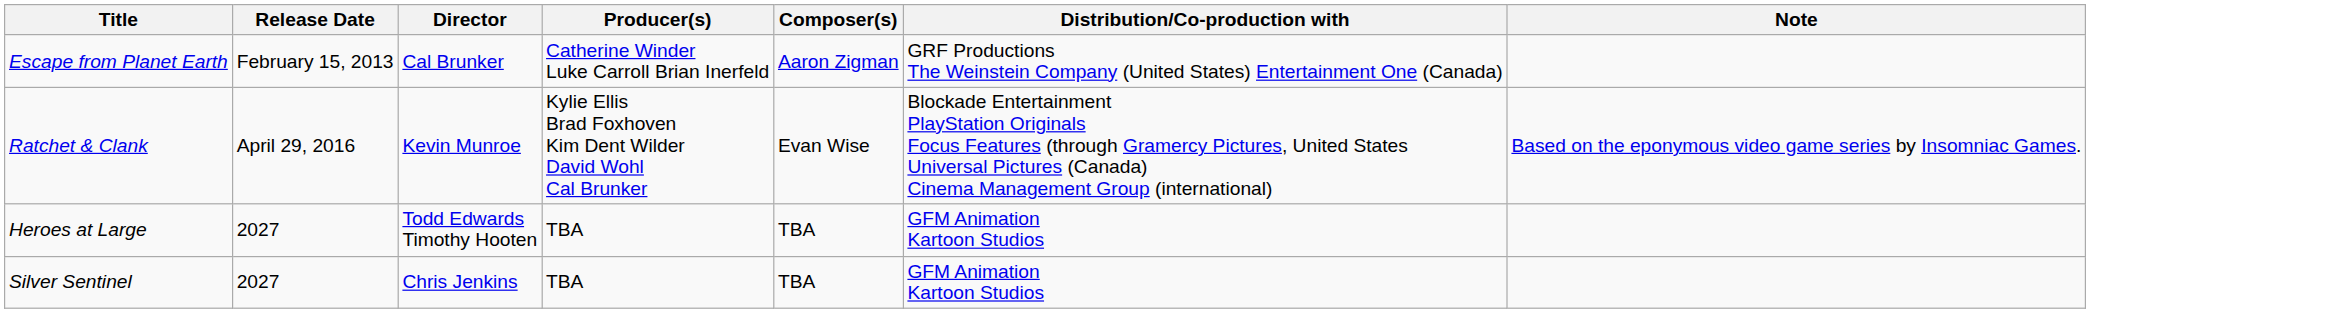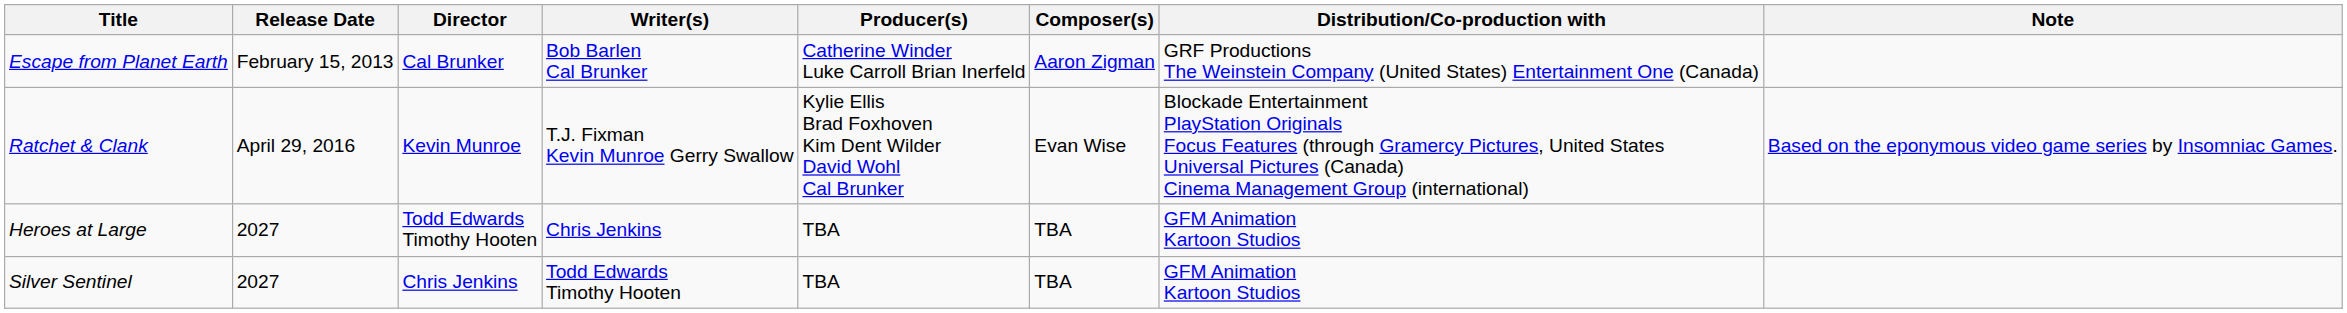 <table class="wikitable sortable">
 <tr>
 <th>Title</th>
 <th>Release Date</th>
 <th>Director</th>
+<th>Writer(s)</th>
 <th>Producer(s)</th>
 <th>Composer(s)</th>
 <th>Distribution/Co-production with</th>
 <th>Note</th>
 </tr>
 <tr>
 <td><em><a href='#'>Escape from Planet Earth</a></em></td>
 <td>February 15, 2013</td>
 <td><a href='#'>Cal Brunker</a></td>
+<td><a href='#'>Bob Barlen</a><br><a href='#'>Cal Brunker</a></td>
 <td><a href='#'>Catherine Winder</a><br>Luke Carroll Brian Inerfeld</td>
 <td><a href='#'>Aaron Zigman</a></td>
 <td>GRF Productions<br><a href='#'>The Weinstein Company</a> (United States) <a href='#'>Entertainment One</a> (Canada)</td>
 <td></td>
 </tr>
 <tr>
 <td><em><a href='#'>Ratchet & Clank</a></em></td>
 <td April 29, 2016>April 29, 2016</td>
 <td><a href='#'>Kevin Munroe</a></td>
+<td>T.J. Fixman<br><a href='#'>Kevin Munroe</a> Gerry Swallow</td>
 <td>Kylie Ellis<br>Brad Foxhoven<br>Kim Dent Wilder<br><a href='#'>David Wohl</a><br><a href='#'>Cal Brunker</a></td>
 <td>Evan Wise</td>
 <td>Blockade Entertainment<br><a href='#'>PlayStation Originals</a><br><a href='#'>Focus Features</a> (through <a href='#'>Gramercy Pictures</a>, United States<br><a href='#'>Universal Pictures</a> (Canada)<br><a href='#'>Cinema Management Group</a> (international)</td>
 <td><a href='#'>Based on the eponymous video game series</a> by <a href='#'>Insomniac Games</a>.</td>
 </tr>
 <tr>
 <td><em>Heroes at Large</em></td>
 <td 2027>2027</td>
 <td><a href='#'>Todd Edwards</a><br>Timothy Hooten</td>
+<td><a href='#'>Chris Jenkins</a></td>
 <td>TBA</td>
 <td>TBA</td>
 <td><a href='#'>GFM Animation</a><br><a href='#'>Kartoon Studios</a></td>
 <td></td>
 </tr>
 <tr>
 <td><em>Silver Sentinel</em></td>
 <td>2027</td>
 <td><a href='#'>Chris Jenkins</a></td>
+<td><a href='#'>Todd Edwards</a><br>Timothy Hooten</td>
 <td>TBA</td>
 <td>TBA</td>
 <td><a href='#'>GFM Animation</a><br><a href='#'>Kartoon Studios</a></td>
 <td></td>
 </tr>
 </table>
